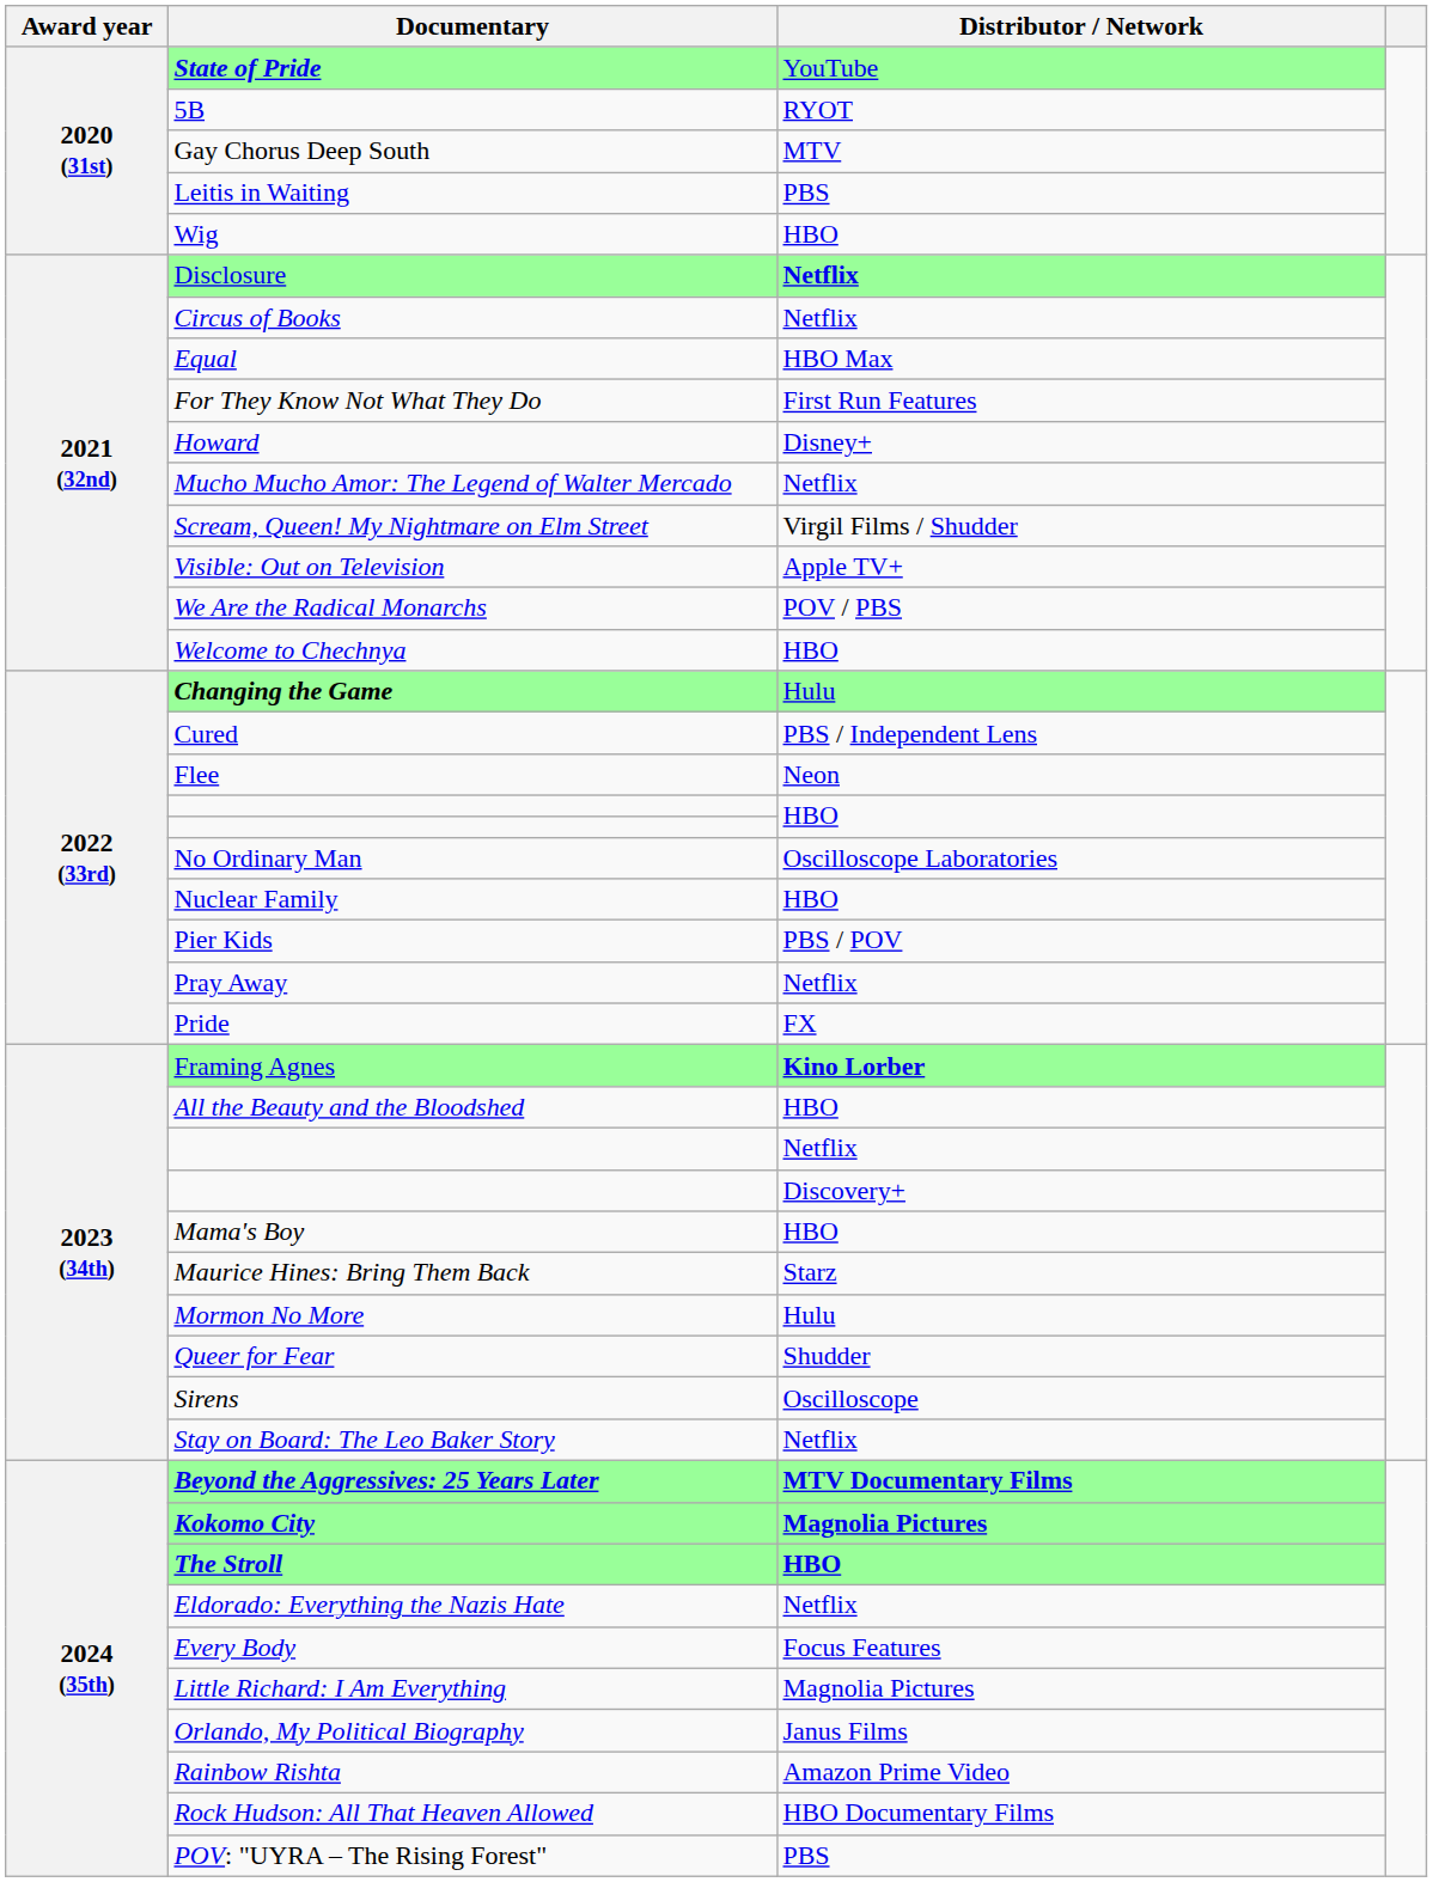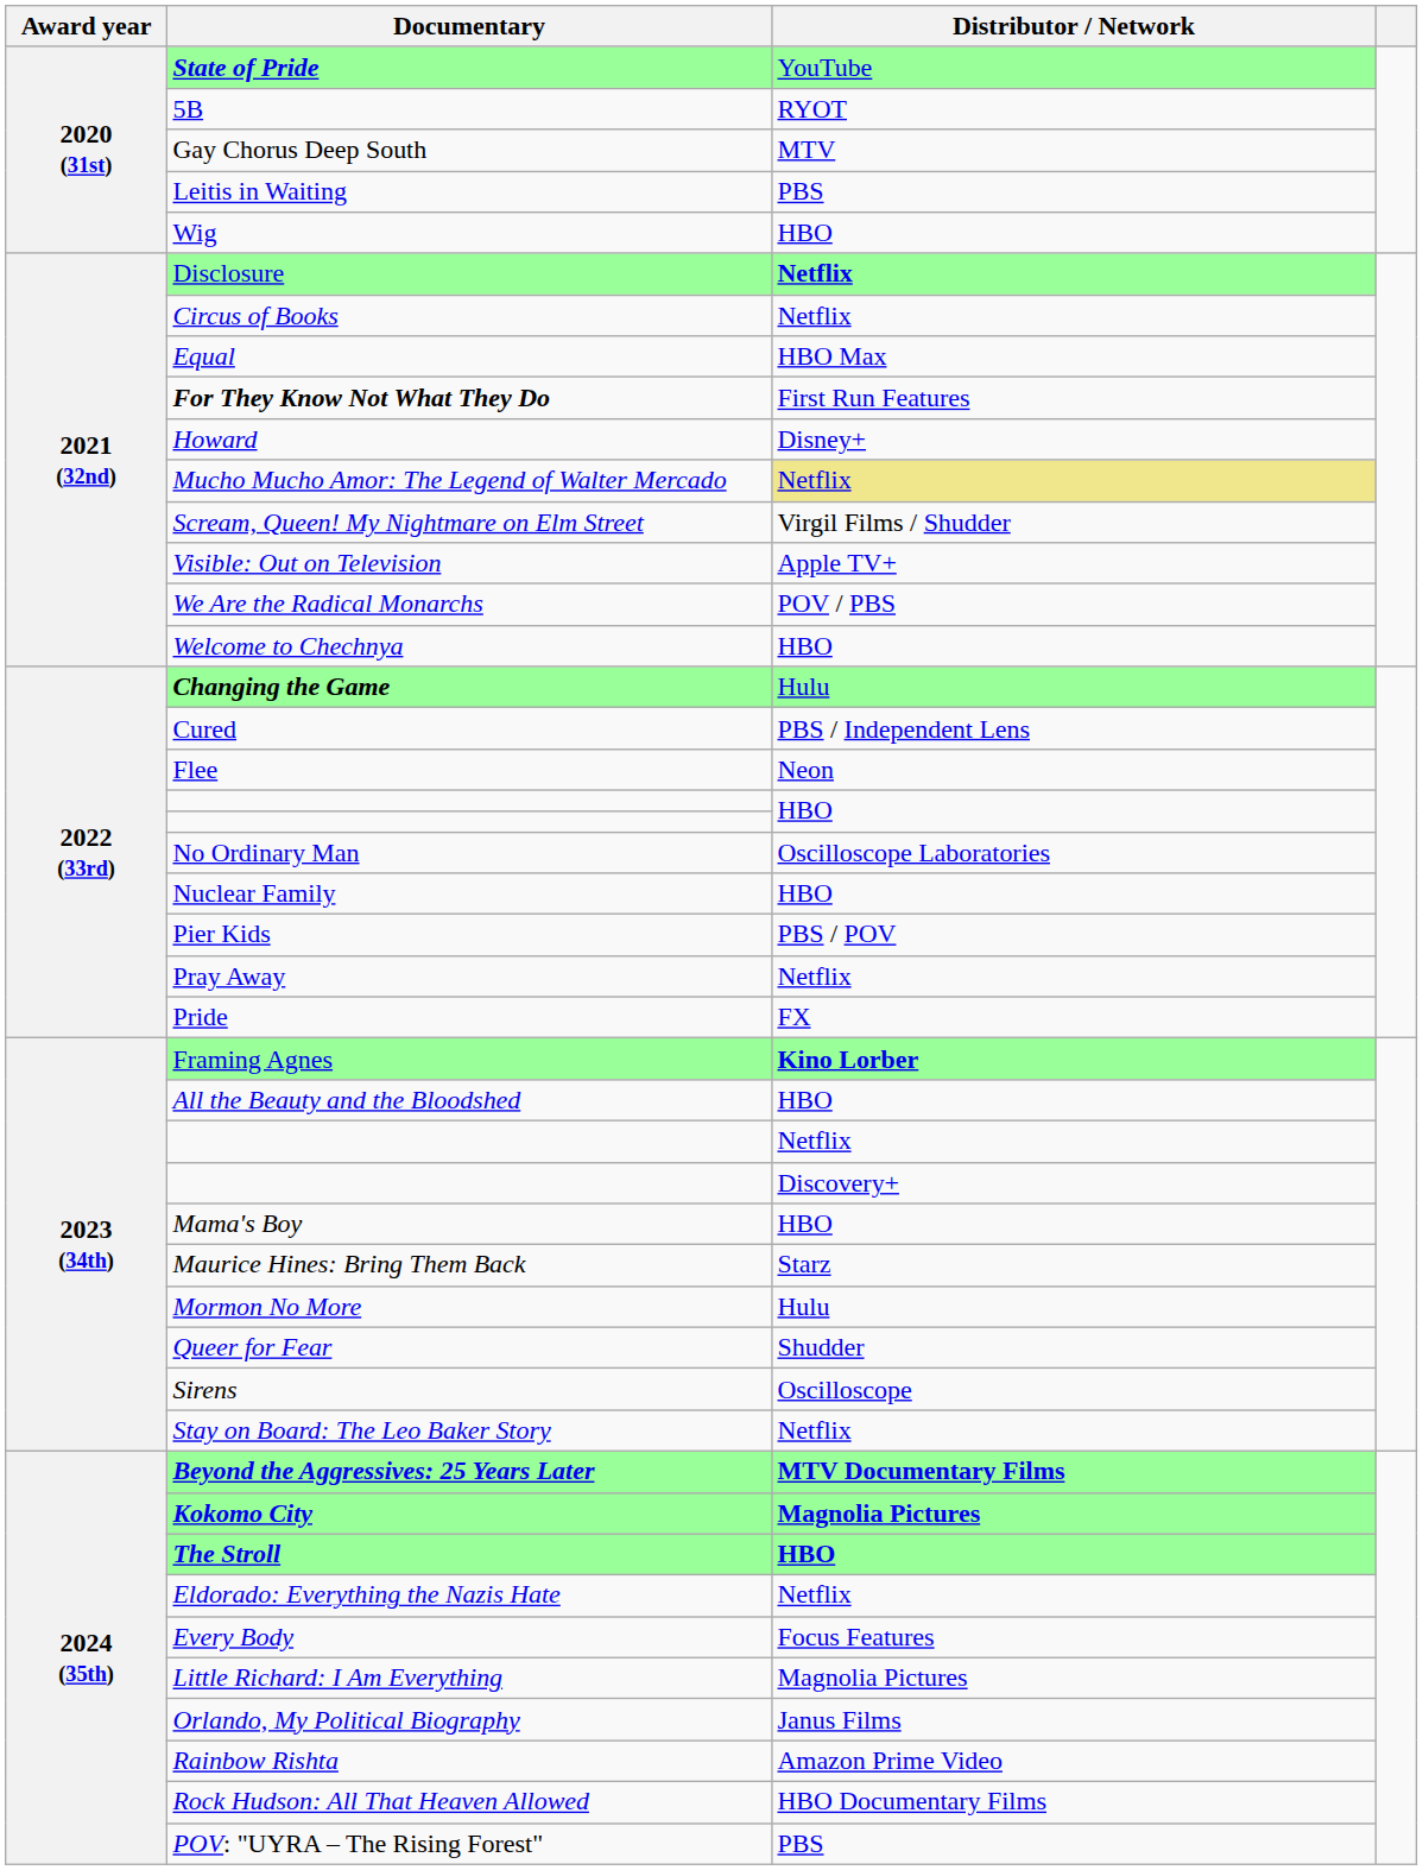 <table class="wikitable sortable">
 <tr>
 <th scope="col" style="width:8%">Award year</th>
 <th scope="col" style="width:30%">Documentary</th>
 <th scope="col" style="width:30%">Distributor / Network</th>
 <th scope="col" style="width:2%" class="unsortable"></th>
 </tr>
 <tr>
 <th rowspan="5" scope="rowgroup" style="text-align:center">2020<br><small>(<a href='#'>31st</a>)</small></th>
 <td style="background:#99ff99;"><strong><em><a href='#'>State of Pride</a><em> <strong></td>
 <td style="background:#99ff99;"></strong><a href='#'>YouTube</a><strong></td>
 <td rowspan="5" align="center"><br></td>
 </tr>
 <tr>
 <td></em><a href='#'>5B</a><em></td>
 <td><a href='#'>RYOT</a></td>
 </tr>
 <tr>
 <td></em>Gay Chorus Deep South<em></td>
 <td><a href='#'>MTV</a></td>
 </tr>
 <tr>
 <td></em><a href='#'>Leitis in Waiting</a><em></td>
 <td><a href='#'>PBS</a></td>
 </tr>
 <tr>
 <td></em><a href='#'>Wig</a><em></td>
 <td><a href='#'>HBO</a></td>
 </tr>
 <tr>
 <th rowspan="10" scope="rowgroup" style="text-align:center">2021<br><small>(<a href='#'>32nd</a>)</small></th>
 <td style="background:#99ff99;"></em></strong><a href='#'>Disclosure</a></em> </strong></td>
 <td style="background:#99ff99;"><strong><a href='#'>Netflix</a></strong></td>
 <td rowspan="10" align="center"><br></td>
 </tr>
 <tr>
 <td><em><a href='#'>Circus of Books</a></em></td>
 <td><a href='#'>Netflix</a></td>
 </tr>
 <tr>
 <td><em><a href='#'>Equal</a></em></td>
 <td><a href='#'>HBO Max</a></td>
 </tr>
 <tr>
-<td><em>For They Know Not What They Do</em></td>
+<td><strong><em>For They Know Not What They Do</em></strong></td>
 <td><a href='#'>First Run Features</a></td>
 </tr>
 <tr>
 <td><em><a href='#'>Howard</a></em></td>
 <td><a href='#'>Disney+</a></td>
 </tr>
 <tr>
 <td><em><a href='#'>Mucho Mucho Amor: The Legend of Walter Mercado</a></em></td>
-<td><a href='#'>Netflix</a></td>
+<td style="background: khaki;"><a href='#'>Netflix</a></td>
 </tr>
 <tr>
 <td><em><a href='#'>Scream, Queen! My Nightmare on Elm Street</a></em></td>
 <td>Virgil Films / <a href='#'>Shudder</a></td>
 </tr>
 <tr>
 <td><em><a href='#'>Visible: Out on Television</a></em></td>
 <td><a href='#'>Apple TV+</a></td>
 </tr>
 <tr>
 <td><em><a href='#'>We Are the Radical Monarchs</a></em></td>
 <td><a href='#'>POV</a> / <a href='#'>PBS</a></td>
 </tr>
 <tr>
 <td><em><a href='#'>Welcome to Chechnya</a></em></td>
 <td><a href='#'>HBO</a></td>
 </tr>
 <tr>
 <th rowspan="10" scope="rowgroup" style="text-align:center">2022<br><small>(<a href='#'>33rd</a>)</small></th>
 <td style="background:#99ff99;"><strong><em>Changing the Game<em> <strong></td>
 <td style="background:#99ff99;"></strong><a href='#'>Hulu</a><strong></td>
 <td rowspan="10" align="center"><br></td>
 </tr>
 <tr>
 <td></em><a href='#'>Cured</a><em></td>
 <td><a href='#'>PBS</a> / <a href='#'>Independent Lens</a></td>
 </tr>
 <tr>
 <td></em><a href='#'>Flee</a><em></td>
 <td><a href='#'>Neon</a></td>
 </tr>
 <tr>
 <td></em><em></td>
 <td rowspan="2"><a href='#'>HBO</a></td>
 </tr>
 <tr>
 <td></em><em></td>
 </tr>
 <tr>
 <td></em><a href='#'>No Ordinary Man</a><em></td>
 <td><a href='#'>Oscilloscope Laboratories</a></td>
 </tr>
 <tr>
 <td></em><a href='#'>Nuclear Family</a><em></td>
 <td><a href='#'>HBO</a></td>
 </tr>
 <tr>
 <td></em><a href='#'>Pier Kids</a><em></td>
 <td><a href='#'>PBS</a> / <a href='#'>POV</a></td>
 </tr>
 <tr>
 <td></em><a href='#'>Pray Away</a><em></td>
 <td><a href='#'>Netflix</a></td>
 </tr>
 <tr>
 <td></em><a href='#'>Pride</a><em></td>
 <td><a href='#'>FX</a></td>
 </tr>
 <tr>
 <th rowspan="10" scope="rowgroup" style="text-align:center">2023<br><small>(<a href='#'>34th</a>)</small></th>
 <td style="background:#99ff99;"></em></strong><a href='#'>Framing Agnes</a></em> </strong></td>
 <td style="background:#99ff99;"><strong><a href='#'>Kino Lorber</a></strong></td>
 <td rowspan="10" align="center"><br></td>
 </tr>
 <tr>
 <td><em><a href='#'>All the Beauty and the Bloodshed</a></em></td>
 <td><a href='#'>HBO</a></td>
 </tr>
 <tr>
 <td><em></em></td>
 <td><a href='#'>Netflix</a></td>
 </tr>
 <tr>
 <td><em></em></td>
 <td><a href='#'>Discovery+</a></td>
 </tr>
 <tr>
 <td><em>Mama's Boy</em></td>
 <td><a href='#'>HBO</a></td>
 </tr>
 <tr>
 <td><em>Maurice Hines: Bring Them Back</em></td>
 <td><a href='#'>Starz</a></td>
 </tr>
 <tr>
 <td><em><a href='#'>Mormon No More</a></em></td>
 <td><a href='#'>Hulu</a></td>
 </tr>
 <tr>
 <td><em><a href='#'>Queer for Fear</a></em></td>
 <td><a href='#'>Shudder</a></td>
 </tr>
 <tr>
 <td><em>Sirens</em></td>
 <td><a href='#'>Oscilloscope</a></td>
 </tr>
 <tr>
 <td><em><a href='#'>Stay on Board: The Leo Baker Story</a></em></td>
 <td><a href='#'>Netflix</a></td>
 </tr>
 <tr>
 <th rowspan="10" scope="rowgroup" style="text-align:center">2024<br><small>(<a href='#'>35th</a>)</small></th>
 <td style="background:#99ff99;"><strong><em><a href='#'>Beyond the Aggressives: 25 Years Later</a></em></strong></td>
 <td style="background:#99ff99;"><strong><a href='#'>MTV Documentary Films</a></strong></td>
 <td rowspan="10" align="center"><br></td>
 </tr>
 <tr>
 <td style="background:#99ff99;"><strong><em><a href='#'>Kokomo City</a></em></strong></td>
 <td style="background:#99ff99;"><strong><a href='#'>Magnolia Pictures</a></strong></td>
 </tr>
 <tr>
 <td style="background:#99ff99;"><strong><em><a href='#'>The Stroll</a></em></strong></td>
 <td style="background:#99ff99;"><strong><a href='#'>HBO</a></strong></td>
 </tr>
 <tr>
 <td><em><a href='#'>Eldorado: Everything the Nazis Hate</a></em></td>
 <td><a href='#'>Netflix</a></td>
 </tr>
 <tr>
 <td><em><a href='#'>Every Body</a></em></td>
 <td><a href='#'>Focus Features</a></td>
 </tr>
 <tr>
 <td><em><a href='#'>Little Richard: I Am Everything</a></em></td>
 <td><a href='#'>Magnolia Pictures</a></td>
 </tr>
 <tr>
 <td><em><a href='#'>Orlando, My Political Biography</a></em></td>
 <td><a href='#'>Janus Films</a></td>
 </tr>
 <tr>
 <td><em><a href='#'>Rainbow Rishta</a></em></td>
 <td><a href='#'>Amazon Prime Video</a></td>
 </tr>
 <tr>
 <td><em><a href='#'>Rock Hudson: All That Heaven Allowed</a></em></td>
 <td><a href='#'>HBO Documentary Films</a></td>
 </tr>
 <tr>
 <td><em><a href='#'>POV</a></em>: "UYRA – The Rising Forest"</td>
 <td><a href='#'>PBS</a></td>
 </tr>
 </table>
